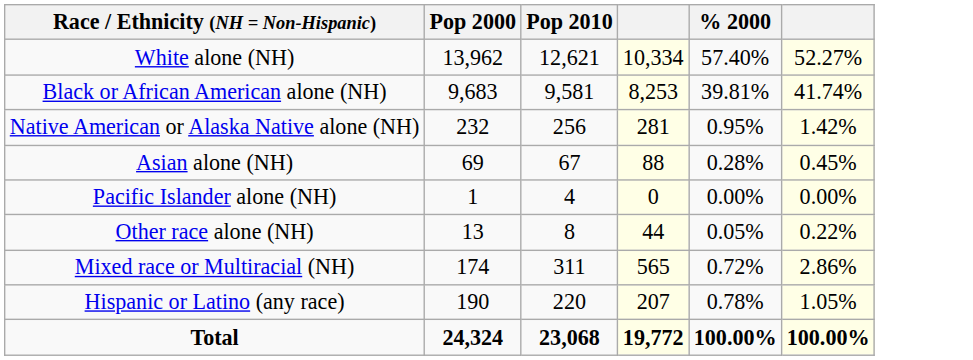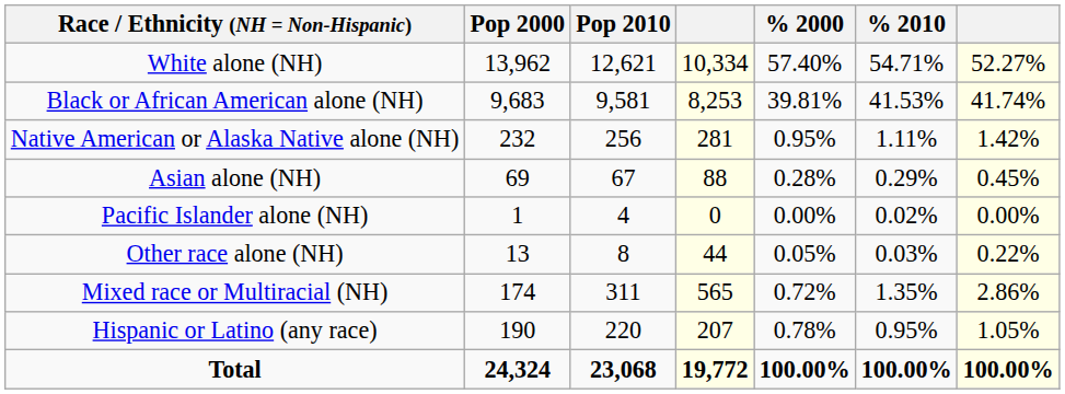 <table class="wikitable" style="text-align:center;">
 <tr>
 <th>Race / Ethnicity <small>(<em>NH = Non-Hispanic</em>)</small></th>
 <th>Pop 2000</th>
 <th>Pop 2010</th>
 <th></th>
 <th>% 2000</th>
+<th>% 2010</th>
 <th></th>
 </tr>
 <tr>
 <td><a href='#'>White</a> alone (NH)</td>
 <td>13,962</td>
 <td>12,621</td>
 <td style='background: #ffffe6;'>10,334</td>
 <td>57.40%</td>
+<td>54.71%</td>
 <td style='background: #ffffe6;'>52.27%</td>
 </tr>
 <tr>
 <td><a href='#'>Black or African American</a> alone (NH)</td>
 <td>9,683</td>
 <td>9,581</td>
 <td style='background: #ffffe6;'>8,253</td>
 <td>39.81%</td>
+<td>41.53%</td>
 <td style='background: #ffffe6;'>41.74%</td>
 </tr>
 <tr>
 <td><a href='#'>Native American</a> or <a href='#'>Alaska Native</a> alone (NH)</td>
 <td>232</td>
 <td>256</td>
 <td style='background: #ffffe6;'>281</td>
 <td>0.95%</td>
+<td>1.11%</td>
 <td style='background: #ffffe6;'>1.42%</td>
 </tr>
 <tr>
 <td><a href='#'>Asian</a> alone (NH)</td>
 <td>69</td>
 <td>67</td>
 <td style='background: #ffffe6;'>88</td>
 <td>0.28%</td>
+<td>0.29%</td>
 <td style='background: #ffffe6;'>0.45%</td>
 </tr>
 <tr>
 <td><a href='#'>Pacific Islander</a> alone (NH)</td>
 <td>1</td>
 <td>4</td>
 <td style='background: #ffffe6;'>0</td>
 <td>0.00%</td>
+<td>0.02%</td>
 <td style='background: #ffffe6;'>0.00%</td>
 </tr>
 <tr>
 <td><a href='#'>Other race</a> alone (NH)</td>
 <td>13</td>
 <td>8</td>
 <td style='background: #ffffe6;'>44</td>
 <td>0.05%</td>
+<td>0.03%</td>
 <td style='background: #ffffe6;'>0.22%</td>
 </tr>
 <tr>
 <td><a href='#'>Mixed race or Multiracial</a> (NH)</td>
 <td>174</td>
 <td>311</td>
 <td style='background: #ffffe6;'>565</td>
 <td>0.72%</td>
+<td>1.35%</td>
 <td style='background: #ffffe6;'>2.86%</td>
 </tr>
 <tr>
 <td><a href='#'>Hispanic or Latino</a> (any race)</td>
 <td>190</td>
 <td>220</td>
 <td style='background: #ffffe6;'>207</td>
 <td>0.78%</td>
+<td>0.95%</td>
 <td style='background: #ffffe6;'>1.05%</td>
 </tr>
 <tr>
 <td><strong>Total</strong></td>
 <td><strong>24,324</strong></td>
 <td><strong>23,068</strong></td>
 <td style='background: #ffffe6;'><strong>19,772</strong></td>
 <td><strong>100.00%</strong></td>
+<td><strong>100.00%</strong></td>
 <td style='background: #ffffe6;'><strong>100.00%</strong></td>
 </tr>
 </table>
